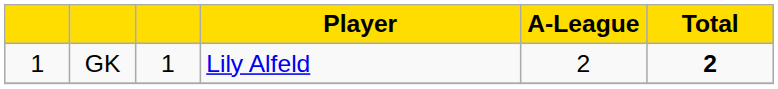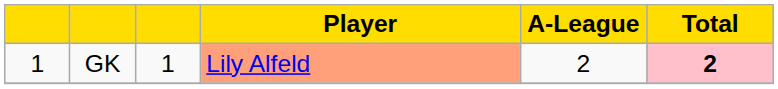 <table class="wikitable" style="text-align:center;">
 <tr>
 <th style="background:#ffdd00; color:black; width:35px;"></th>
 <th style="background:#ffdd00; color:black; width:35px;"></th>
 <th style="background:#ffdd00; color:black; width:35px;"></th>
 <th style="background:#ffdd00; color:black; width:200px;">Player</th>
 <th style="background:#ffdd00; color:black; width:75px;">A-League</th>
 <th style="background:#ffdd00; color:black; width:75px;">Total</th>
 </tr>
 <tr>
 <td>1</td>
 <td>GK</td>
 <td>1</td>
-<td align=left> <a href='#'>Lily Alfeld</a></td>
+<td align=left style="background: lightsalmon;"> <a href='#'>Lily Alfeld</a></td>
 <td>2</td>
-<td><strong>2</strong></td>
+<td style="background: pink;"><strong>2</strong></td>
 </tr>
 <tr>
 </tr>
 </table>
